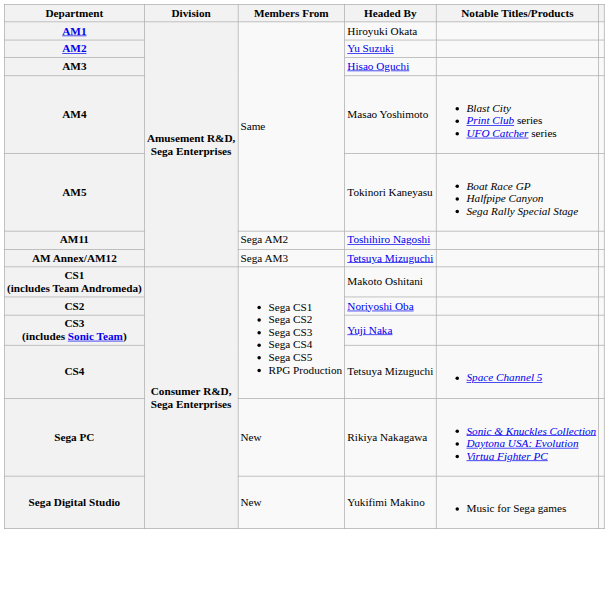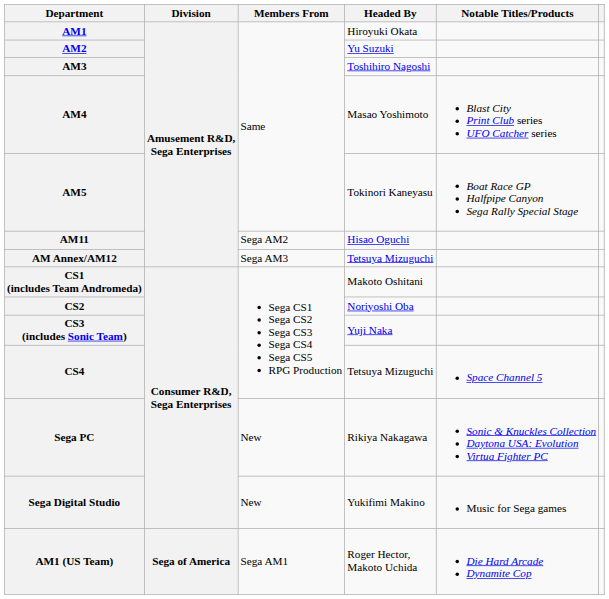 <table class="wikitable">
 <tr>
 <th>Department</th>
 <th>Division</th>
 <th>Members From</th>
 <th>Headed By</th>
 <th>Notable Titles/Products</th>
 <th></th>
 </tr>
 <tr>
 <th><a href='#'>AM1</a></th>
 <th rowspan="7">Amusement R&D,<br>Sega Enterprises</th>
 <td rowspan="5">Same</td>
 <td>Hiroyuki Okata</td>
 <td></td>
 <td></td>
 </tr>
 <tr>
 <th><a href='#'>AM2</a></th>
 <td><a href='#'>Yu Suzuki</a></td>
 <td></td>
 <td></td>
 </tr>
 <tr>
 <th>AM3</th>
-<td><a href='#'>Hisao Oguchi</a></td>
+<td><a href='#'>Toshihiro Nagoshi</a></td>
 <td></td>
 <td></td>
 </tr>
 <tr>
 <th>AM4</th>
 <td>Masao Yoshimoto</td>
 <td><br><ul><li><em>Blast City</em></li><li><em><a href='#'>Print Club</a></em> series</li><li><em><a href='#'>UFO Catcher</a></em> series</li></ul></td>
 <td></td>
 </tr>
 <tr>
 <th>AM5</th>
 <td>Tokinori Kaneyasu</td>
 <td><br><ul><li><em>Boat Race GP</em></li><li><em>Halfpipe Canyon</em></li><li><em>Sega Rally Special Stage</em></li></ul></td>
 <td></td>
 </tr>
 <tr>
 <th>AM11</th>
 <td>Sega AM2</td>
-<td><a href='#'>Toshihiro Nagoshi</a></td>
+<td><a href='#'>Hisao Oguchi</a></td>
 <td></td>
 <td></td>
 </tr>
 <tr>
 <th>AM Annex/AM12</th>
 <td>Sega AM3</td>
 <td><a href='#'>Tetsuya Mizuguchi</a></td>
 <td></td>
 <td></td>
 </tr>
 <tr>
 <th>CS1<br>(includes  Team Andromeda)</th>
 <th rowspan="6">Consumer R&D,<br>Sega Enterprises</th>
 <td rowspan="4"><br><ul><li>Sega CS1</li><li>Sega CS2</li><li>Sega CS3</li><li>Sega CS4</li><li>Sega CS5</li><li>RPG Production</li></ul></td>
 <td>Makoto Oshitani</td>
 <td></td>
 <td></td>
 </tr>
 <tr>
 <th>CS2</th>
 <td><a href='#'>Noriyoshi Oba</a></td>
 <td></td>
 <td></td>
 </tr>
 <tr>
 <th>CS3<br>(includes <a href='#'>Sonic Team</a>)</th>
 <td><a href='#'>Yuji Naka</a></td>
 <td></td>
 <td></td>
 </tr>
 <tr>
 <th>CS4</th>
 <td>Tetsuya Mizuguchi</td>
 <td><br><ul><li><em><a href='#'>Space Channel 5</a></em></li></ul></td>
 <td></td>
 </tr>
 <tr>
 <th>Sega PC</th>
 <td>New</td>
 <td>Rikiya Nakagawa</td>
 <td><br><ul><li><em><a href='#'>Sonic & Knuckles Collection</a></em></li><li><em><a href='#'>Daytona USA: Evolution</a></em></li><li><em><a href='#'>Virtua Fighter PC</a></em></li></ul></td>
 <td></td>
 </tr>
 <tr>
 <th>Sega Digital Studio</th>
 <td>New</td>
 <td>Yukifimi Makino</td>
 <td><br><ul><li>Music for Sega games</li></ul></td>
 <td></td>
 </tr>
+<tr>
+<th>AM1 (US Team)</th>
+<th>Sega of America</th>
+<td>Sega AM1</td>
+<td>Roger Hector,<br>Makoto Uchida</td>
+<td><br><ul><li><em><a href='#'>Die Hard Arcade</a></em></li><li><em><a href='#'>Dynamite Cop</a></em></li></ul></td>
+<td></td>
+</tr>
 </table>
